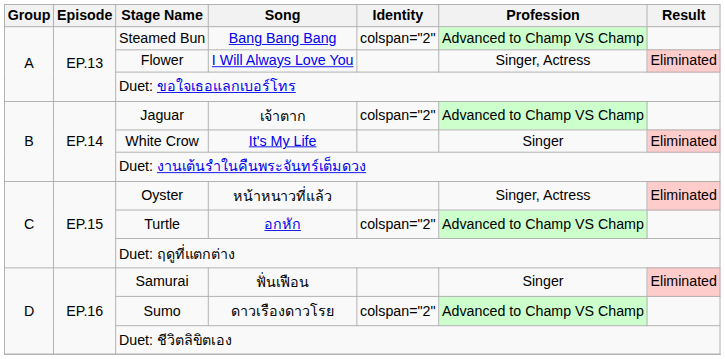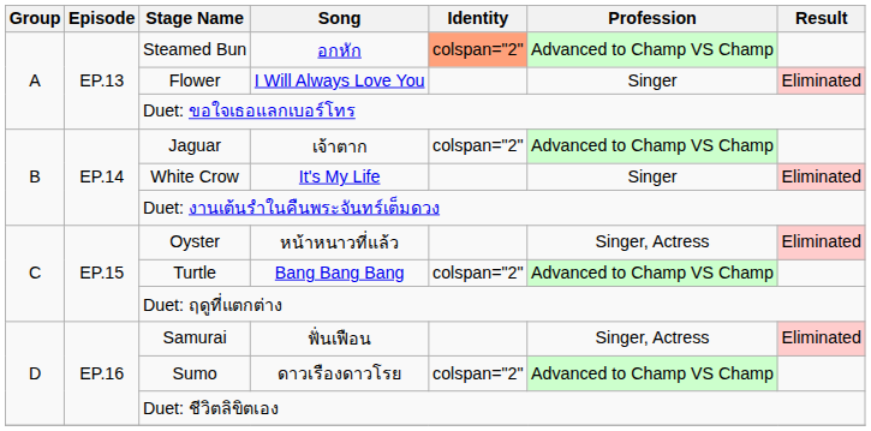 <table class="wikitable">
 <tr>
 <th>Group</th>
 <th>Episode</th>
 <th>Stage Name</th>
 <th>Song</th>
 <th>Identity</th>
 <th>Profession</th>
 <th>Result</th>
 </tr>
 <tr>
 <td align="center" rowspan="3">A</td>
 <td rowspan="3" align="center">EP.13</td>
 <td align="center">Steamed Bun</td>
-<td align="center"><a href='#'>Bang Bang Bang</a></td>
-<td>colspan="2"  </td>
+<td align="center"><a href='#'>อกหัก</a></td>
+<td style="background: lightsalmon;">colspan="2"  </td>
 <td style="text-align:center; background:#ccffcc;">Advanced to Champ VS Champ</td>
 </tr>
 <tr>
 <td align="center">Flower</td>
 <td align="center"><a href='#'>I Will Always Love You</a></td>
 <td align="center"></td>
-<td align="center">Singer, Actress</td>
+<td align="center">Singer</td>
 <td style="text-align:center; background:#ffcccc;">Eliminated</td>
 </tr>
 <tr>
 <td colspan="5">Duet: <a href='#'>ขอใจเธอแลกเบอร์โทร</a></td>
 </tr>
 <tr>
 <td align="center" rowspan="3">B</td>
 <td rowspan="3" align="center">EP.14</td>
 <td align="center">Jaguar</td>
 <td align="center">เจ้าตาก</td>
 <td>colspan="2"  </td>
 <td style="text-align:center; background:#ccffcc;">Advanced to Champ VS Champ</td>
 </tr>
 <tr>
 <td align="center">White Crow</td>
 <td align="center"><a href='#'>It's My Life</a></td>
 <td align="center"></td>
 <td align="center">Singer</td>
 <td style="text-align:center; background:#ffcccc;">Eliminated</td>
 </tr>
 <tr>
 <td colspan="5">Duet: <a href='#'>งานเต้นรำในคืนพระจันทร์เต็มดวง</a></td>
 </tr>
 <tr>
 <td align="center" rowspan="3">C</td>
 <td rowspan="3" align="center">EP.15</td>
 <td align="center">Oyster</td>
 <td align="center">หน้าหนาวที่แล้ว</td>
 <td align="center"></td>
 <td align="center">Singer, Actress</td>
 <td style="text-align:center; background:#ffcccc;">Eliminated</td>
 </tr>
 <tr>
 <td align="center">Turtle</td>
-<td align="center"><a href='#'>อกหัก</a></td>
+<td align="center"><a href='#'>Bang Bang Bang</a></td>
 <td>colspan="2"  </td>
 <td style="text-align:center; background:#ccffcc;">Advanced to Champ VS Champ</td>
 </tr>
 <tr>
 <td colspan="5">Duet: ฤดูที่แตกต่าง</td>
 </tr>
 <tr>
 <td align="center" rowspan="3">D</td>
 <td rowspan="3" align="center">EP.16</td>
 <td align="center">Samurai</td>
 <td align="center">ฟั่นเฟือน</td>
 <td align="center"></td>
-<td align="center">Singer</td>
+<td align="center">Singer, Actress</td>
 <td style="text-align:center; background:#ffcccc;">Eliminated</td>
 </tr>
 <tr>
 <td align="center">Sumo</td>
 <td align="center">ดาวเรืองดาวโรย</td>
 <td>colspan="2"  </td>
 <td style="text-align:center; background:#ccffcc;">Advanced to Champ VS Champ</td>
 </tr>
 <tr>
 <td colspan="5">Duet: ชีวิตลิขิตเอง</td>
 </tr>
 <tr>
 </tr>
 </table>
